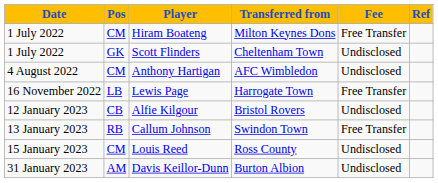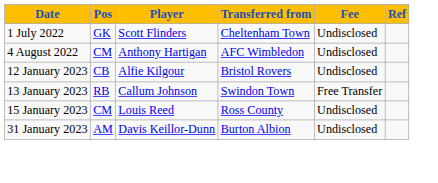 <table class="wikitable plainrowheaders sortable">
 <tr>
 <th style="background:#ffbf00; color:#1C4EBD; ">Date</th>
 <th style="background:#ffbf00; color:#1C4EBD; ">Pos</th>
 <th style="background:#FFbf00; color:#1C4EBD; ">Player</th>
 <th style="background:#FFbf00; color:#1C4EBD; ">Transferred from</th>
 <th style="background:#FFbf00; color:#1C4EBD; ">Fee</th>
 <th style="background:#FFbf00; color:#1C4EBD; ">Ref</th>
-</tr>
-<tr>
-<td>1 July 2022</td>
-<td><a href='#'>CM</a></td>
-<td> <a href='#'>Hiram Boateng</a></td>
-<td> <a href='#'>Milton Keynes Dons</a></td>
-<td>Free Transfer</td>
-<td></td>
 </tr>
 <tr>
 <td>1 July 2022</td>
 <td><a href='#'>GK</a></td>
 <td> <a href='#'>Scott Flinders</a></td>
 <td> <a href='#'>Cheltenham Town</a></td>
 <td>Undisclosed</td>
 <td></td>
 </tr>
 <tr>
 <td>4 August 2022</td>
 <td><a href='#'>CM</a></td>
 <td> <a href='#'>Anthony Hartigan</a></td>
 <td> <a href='#'>AFC Wimbledon</a></td>
 <td>Undisclosed</td>
-<td></td>
-</tr>
-<tr>
-<td>16 November 2022</td>
-<td><a href='#'>LB</a></td>
-<td> <a href='#'>Lewis Page</a></td>
-<td> <a href='#'>Harrogate Town</a></td>
-<td>Free Transfer</td>
 <td></td>
 </tr>
 <tr>
 <td>12 January 2023</td>
 <td><a href='#'>CB</a></td>
 <td> <a href='#'>Alfie Kilgour</a></td>
 <td> <a href='#'>Bristol Rovers</a></td>
 <td>Undisclosed</td>
 <td></td>
 </tr>
 <tr>
 <td>13 January 2023</td>
 <td><a href='#'>RB</a></td>
 <td> <a href='#'>Callum Johnson</a></td>
 <td> <a href='#'>Swindon Town</a></td>
 <td>Free Transfer</td>
 <td></td>
 </tr>
 <tr>
 <td>15 January 2023</td>
 <td><a href='#'>CM</a></td>
 <td> <a href='#'>Louis Reed</a></td>
 <td> <a href='#'>Ross County</a></td>
 <td>Undisclosed</td>
 <td></td>
 </tr>
 <tr>
 <td>31 January 2023</td>
 <td><a href='#'>AM</a></td>
 <td> <a href='#'>Davis Keillor-Dunn</a></td>
 <td> <a href='#'>Burton Albion</a></td>
 <td>Undisclosed</td>
 <td></td>
 </tr>
 </table>
